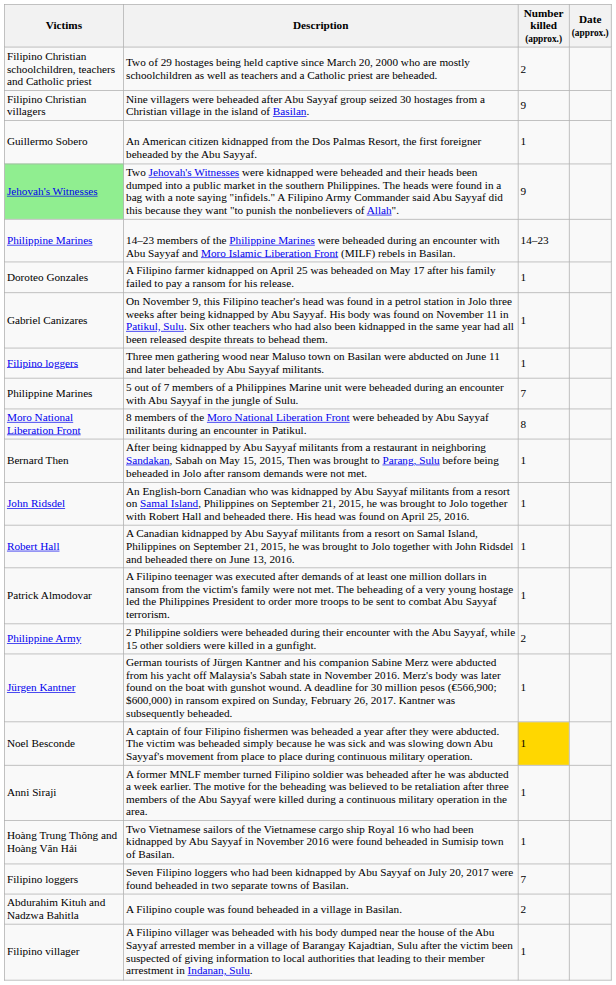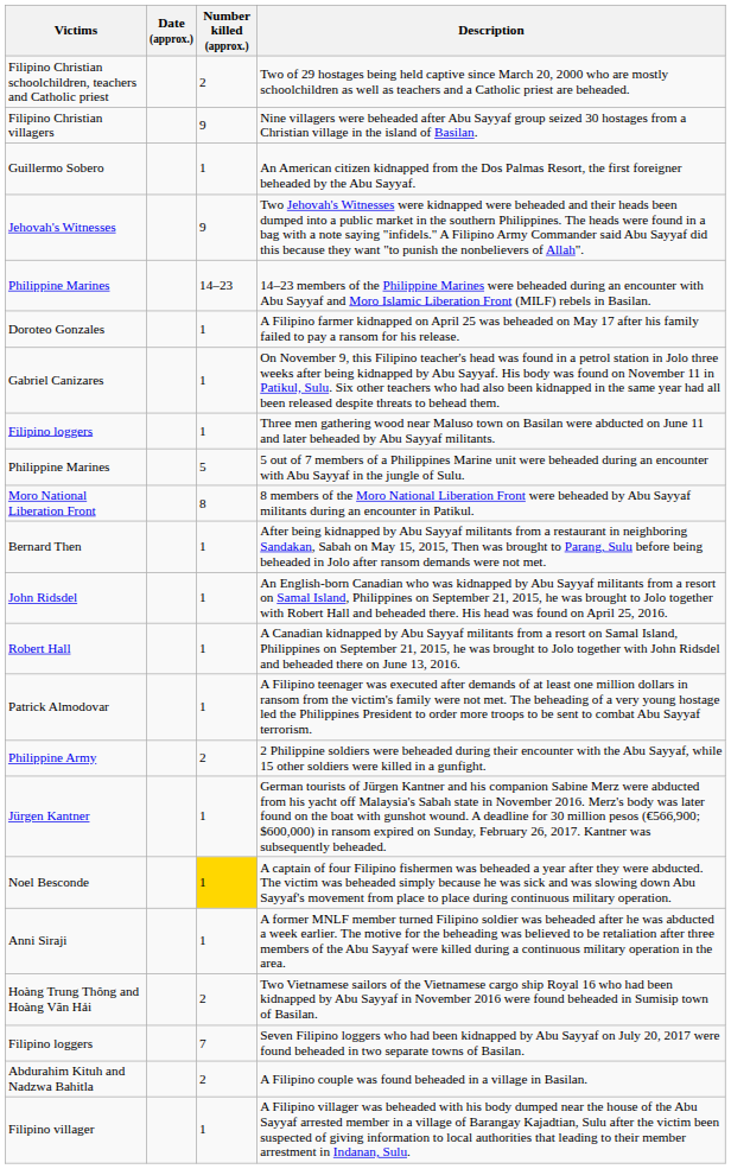 <table class="wikitable toptextcells sortable">
 <tr>
 <th>Victims</th>
+<th>Date<br><small>(approx.)</small></th>
+<th>Number killed<br><small>(approx.)</small></th>
 <th>Description</th>
-<th>Number killed<br><small>(approx.)</small></th>
-<th>Date<br><small>(approx.)</small></th>
 </tr>
 <tr>
 <td>Filipino Christian schoolchildren, teachers and Catholic priest</td>
+<td></td>
+<td>2</td>
 <td>Two of 29 hostages being held captive since March 20, 2000 who are mostly schoolchildren as well as teachers and a Catholic priest are beheaded.</td>
-<td>2</td>
-<td></td>
 </tr>
 <tr>
 <td>Filipino Christian villagers</td>
+<td></td>
+<td>9</td>
 <td>Nine villagers were beheaded after Abu Sayyaf group seized 30 hostages from a Christian village in the island of <a href='#'>Basilan</a>.</td>
-<td>9</td>
-<td></td>
 </tr>
 <tr>
 <td>Guillermo Sobero</td>
+<td></td>
+<td>1</td>
 <td><br>An American citizen kidnapped from the Dos Palmas Resort, the first foreigner beheaded by the Abu Sayyaf.</td>
-<td>1</td>
-<td></td>
 </tr>
 <tr>
-<td style="background: lightgreen;"><a href='#'>Jehovah's Witnesses</a></td>
+<td><a href='#'>Jehovah's Witnesses</a></td>
+<td></td>
+<td>9</td>
 <td>Two <a href='#'>Jehovah's Witnesses</a> were kidnapped were beheaded and their heads been dumped into a public market in the southern Philippines. The heads were found in a bag with a note saying "infidels." A Filipino Army Commander said Abu Sayyaf did this because they want "to punish the nonbelievers of <a href='#'>Allah</a>".</td>
-<td>9</td>
-<td></td>
 </tr>
 <tr>
 <td><a href='#'>Philippine Marines</a></td>
+<td></td>
+<td>14–23</td>
 <td><br>14–23 members of the <a href='#'>Philippine Marines</a> were beheaded during an encounter with Abu Sayyaf and <a href='#'>Moro Islamic Liberation Front</a> (MILF) rebels in Basilan.</td>
-<td>14–23</td>
-<td></td>
 </tr>
 <tr>
 <td>Doroteo Gonzales</td>
+<td></td>
+<td>1</td>
 <td>A Filipino farmer kidnapped on April 25 was beheaded on May 17 after his family failed to pay a ransom for his release.</td>
-<td>1</td>
-<td></td>
 </tr>
 <tr>
 <td>Gabriel Canizares</td>
+<td></td>
+<td>1</td>
 <td>On November 9, this Filipino teacher's head was found in a petrol station in Jolo three weeks after being kidnapped by Abu Sayyaf. His body was found on November 11 in <a href='#'>Patikul, Sulu</a>. Six other teachers who had also been kidnapped in the same year had all been released despite threats to behead them.</td>
-<td>1</td>
-<td></td>
 </tr>
 <tr>
 <td><a href='#'>Filipino loggers</a></td>
+<td></td>
+<td>1</td>
 <td>Three men gathering wood near Maluso town on Basilan were abducted on June 11 and later beheaded by  Abu Sayyaf militants.</td>
-<td>1</td>
-<td></td>
 </tr>
 <tr>
 <td>Philippine Marines</td>
+<td></td>
+<td>5</td>
 <td>5 out of 7 members of a Philippines Marine unit were beheaded during an encounter with Abu Sayyaf in the jungle of Sulu.</td>
-<td>7</td>
-<td></td>
 </tr>
 <tr>
 <td><a href='#'>Moro National Liberation Front</a></td>
+<td></td>
+<td>8</td>
 <td>8 members of the <a href='#'>Moro National Liberation Front</a> were beheaded by Abu Sayyaf militants during an encounter in Patikul.</td>
-<td>8</td>
-<td></td>
 </tr>
 <tr>
 <td>Bernard Then</td>
+<td></td>
+<td>1</td>
 <td>After being kidnapped by Abu Sayyaf militants from a restaurant in neighboring <a href='#'>Sandakan</a>, Sabah on May 15, 2015, Then was brought to <a href='#'>Parang, Sulu</a> before being beheaded in Jolo after ransom demands were not met.</td>
-<td>1</td>
-<td></td>
 </tr>
 <tr>
 <td><a href='#'>John Ridsdel</a></td>
+<td></td>
+<td>1</td>
 <td>An English-born Canadian who was kidnapped by Abu Sayyaf militants from a resort on <a href='#'>Samal Island</a>, Philippines on September 21, 2015, he was brought to Jolo together with Robert Hall and beheaded there. His head was found on April 25, 2016.</td>
-<td>1</td>
-<td></td>
 </tr>
 <tr>
 <td><a href='#'>Robert Hall</a></td>
+<td></td>
+<td>1</td>
 <td>A Canadian kidnapped by Abu Sayyaf militants from a resort on Samal Island, Philippines on September 21, 2015, he was brought to Jolo together with John Ridsdel and beheaded there on June 13, 2016.</td>
-<td>1</td>
-<td></td>
 </tr>
 <tr>
 <td>Patrick Almodovar</td>
+<td></td>
+<td>1</td>
 <td>A Filipino teenager was executed after demands of at least one million dollars in ransom from the victim's family were not met. The beheading of a very young hostage led the Philippines President to order more troops to be sent to combat Abu Sayyaf terrorism.</td>
-<td>1</td>
-<td></td>
 </tr>
 <tr>
 <td><a href='#'>Philippine Army</a></td>
+<td></td>
+<td>2</td>
 <td>2 Philippine soldiers were beheaded during their encounter with the Abu Sayyaf, while 15 other soldiers were killed in a gunfight.</td>
-<td>2</td>
-<td></td>
 </tr>
 <tr>
 <td><a href='#'>Jürgen Kantner</a></td>
+<td></td>
+<td>1</td>
 <td>German tourists of Jürgen Kantner and his companion Sabine Merz were abducted from his yacht off Malaysia's Sabah state in November 2016. Merz's body was later found on the boat with gunshot wound. A deadline for 30 million pesos (€566,900; $600,000) in ransom expired on Sunday, February 26, 2017. Kantner was subsequently beheaded.</td>
-<td>1</td>
-<td></td>
 </tr>
 <tr>
 <td>Noel Besconde</td>
+<td></td>
+<td style="background: gold;">1</td>
 <td>A captain of four Filipino fishermen was beheaded a year after they were abducted. The victim was beheaded simply because he was sick and was slowing down Abu Sayyaf's movement from place to place during continuous military operation.</td>
-<td style="background: gold;">1</td>
-<td></td>
 </tr>
 <tr>
 <td>Anni Siraji</td>
+<td></td>
+<td>1</td>
 <td>A former MNLF member turned Filipino soldier was beheaded after he was abducted a week earlier. The motive for the beheading was believed to be retaliation after three members of the Abu Sayyaf were killed during a continuous military operation in the area.</td>
-<td>1</td>
-<td></td>
 </tr>
 <tr>
 <td>Hoàng Trung Thông and Hoàng Văn Hải</td>
+<td></td>
+<td>2</td>
 <td>Two Vietnamese sailors of the Vietnamese cargo ship Royal 16 who had been kidnapped by Abu Sayyaf in November 2016 were found beheaded in Sumisip town of Basilan.</td>
-<td>1</td>
-<td></td>
 </tr>
 <tr>
 <td>Filipino loggers</td>
+<td></td>
+<td>7</td>
 <td>Seven Filipino loggers who had been kidnapped by Abu Sayyaf on July 20, 2017 were found beheaded in two separate towns of Basilan.</td>
-<td>7</td>
-<td></td>
 </tr>
 <tr>
 <td>Abdurahim Kituh and Nadzwa Bahitla</td>
+<td></td>
+<td>2</td>
 <td>A Filipino couple was found beheaded in a village in Basilan.</td>
-<td>2</td>
-<td></td>
 </tr>
 <tr>
 <td>Filipino villager</td>
+<td></td>
+<td>1</td>
 <td>A Filipino villager was beheaded with his body dumped near the house of the Abu Sayyaf arrested member in a village of Barangay Kajadtian, Sulu after the victim been suspected of giving information to local authorities that leading to their member arrestment in <a href='#'>Indanan, Sulu</a>.</td>
-<td>1</td>
-<td></td>
 </tr>
 </table>
